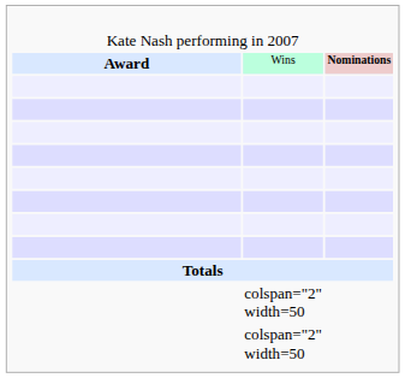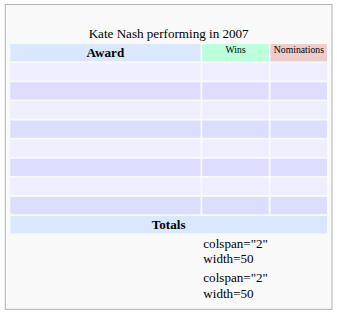 <table class="infobox" style="width: 25em; text-align: left; font-size: 90%; vertical-align: middle;">
 <tr>
 <td colspan="3" style="text-align:center;"><br>Kate Nash performing in 2007</td>
 </tr>
 <tr bgcolor=#D9E8FF style="text-align:center;">
 <th style="vertical-align: middle;">Award</th>
 <td style="background:#BFD; font-size:8pt;" width="60px">Wins</td>
-<td style="background:#eecccc; font-size:8pt;" width="60px"><strong>Nominations</strong></td>
+<td style="background:#eecccc; font-size:8pt;" width="60px">Nominations</td>
 </tr>
 <tr bgcolor=#eeeeff>
 <td align="center"><br></td>
 <td></td>
 <td></td>
 </tr>
 <tr bgcolor=#ddddff>
 <td align="center"><br></td>
 <td></td>
 <td></td>
 </tr>
 <tr bgcolor=#eeeeff>
 <td align="center"><br></td>
 <td></td>
 <td></td>
 </tr>
 <tr bgcolor=#ddddff>
 <td align="center"><br></td>
 <td></td>
 <td></td>
 </tr>
 <tr bgcolor=#eeeeff>
 <td align="center"><br></td>
 <td></td>
 <td></td>
 </tr>
 <tr bgcolor=#ddddff>
 <td align="center"><br></td>
 <td></td>
 <td></td>
 </tr>
 <tr bgcolor=#eeeeff>
 <td align="center"><br></td>
 <td></td>
 <td></td>
 </tr>
 <tr bgcolor=#ddddff>
 <td align="center"><br></td>
 <td></td>
 <td></td>
 </tr>
 <tr bgcolor=#D9E8FF>
 <td colspan="3" style="text-align:center;"><strong>Totals</strong></td>
 </tr>
 <tr>
 <td></td>
 <td>colspan="2" width=50 </td>
 </tr>
 <tr>
 <td></td>
 <td>colspan="2" width=50 </td>
 </tr>
 <tr>
 </tr>
 </table>
